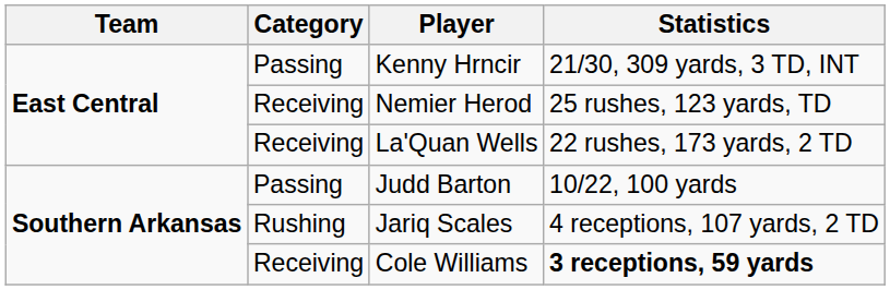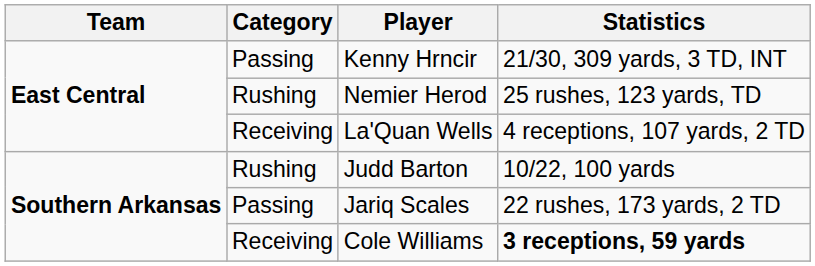 <table class="wikitable" style="float: right;">
 <tr>
 <th>Team</th>
 <th>Category</th>
 <th>Player</th>
 <th>Statistics</th>
 </tr>
 <tr>
 <td rowspan=3><strong>East Central</strong></td>
 <td>Passing</td>
 <td>Kenny Hrncir</td>
 <td>21/30, 309 yards, 3 TD, INT</td>
 </tr>
 <tr>
-<td>Receiving</td>
+<td>Rushing</td>
 <td>Nemier Herod</td>
 <td>25 rushes, 123 yards, TD</td>
 </tr>
 <tr>
 <td>Receiving</td>
 <td>La'Quan Wells</td>
-<td>22 rushes, 173 yards, 2 TD</td>
+<td>4 receptions, 107 yards, 2 TD</td>
 </tr>
 <tr>
 <td rowspan=3><strong>Southern Arkansas</strong></td>
-<td>Passing</td>
+<td>Rushing</td>
 <td>Judd Barton</td>
 <td>10/22, 100 yards</td>
 </tr>
 <tr>
-<td>Rushing</td>
+<td>Passing</td>
 <td>Jariq Scales</td>
-<td>4 receptions, 107 yards, 2 TD</td>
+<td>22 rushes, 173 yards, 2 TD</td>
 </tr>
 <tr>
 <td>Receiving</td>
 <td>Cole Williams</td>
 <td><strong>3 receptions, 59 yards</strong></td>
 </tr>
 </table>
